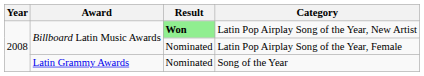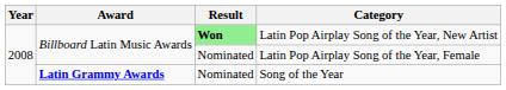 <table class="wikitable">
 <tr>
 <th>Year</th>
 <th>Award</th>
 <th>Result</th>
 <th>Category</th>
 </tr>
 <tr>
 <td rowspan="3">2008</td>
 <td rowspan="2"><em>Billboard</em> Latin Music Awards</td>
 <td style="background: lightgreen;"><strong>Won</strong></td>
 <td>Latin Pop Airplay Song of the Year, New Artist</td>
 </tr>
 <tr>
 <td>Nominated</td>
 <td>Latin Pop Airplay Song of the Year, Female</td>
 </tr>
 <tr>
-<td><a href='#'>Latin Grammy Awards</a></td>
+<td><strong><a href='#'>Latin Grammy Awards</a></strong></td>
 <td>Nominated</td>
 <td>Song of the Year</td>
 </tr>
 </table>
